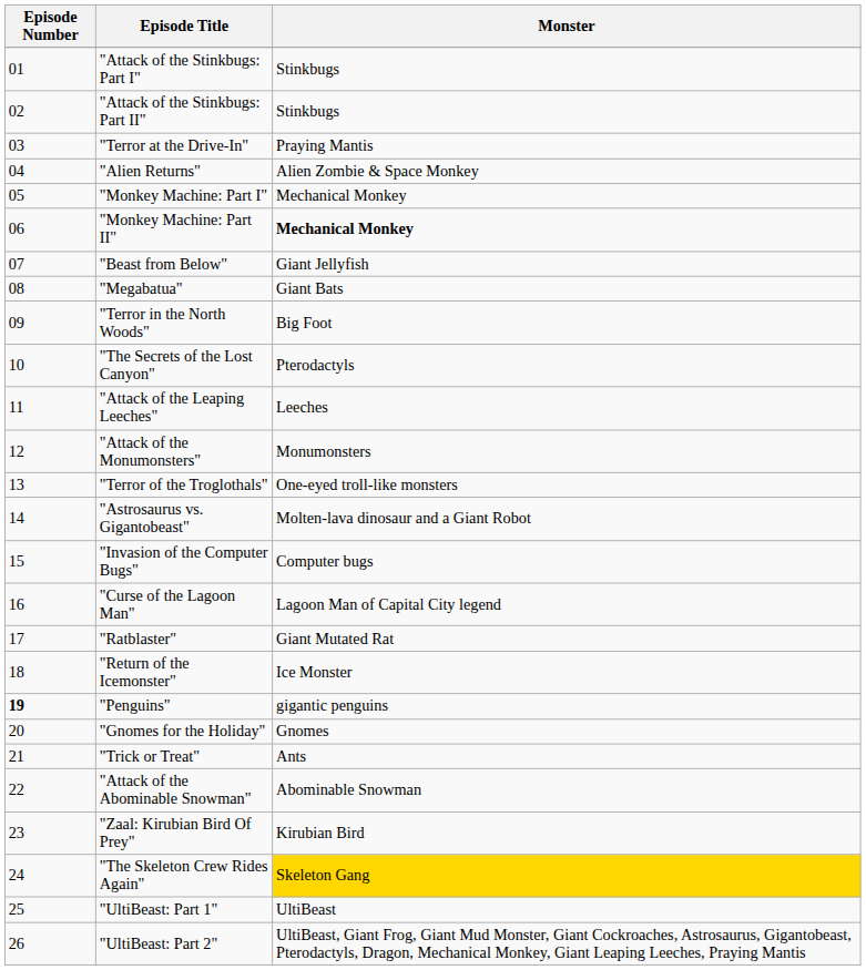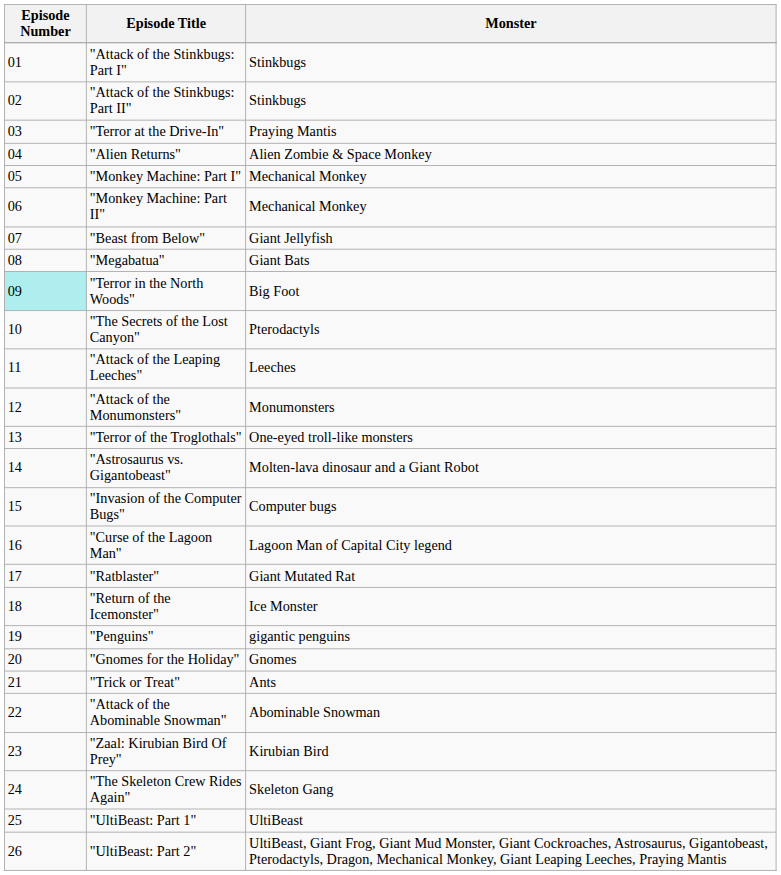 <table class="wikitable">
 <tr>
 <th>Episode Number</th>
 <th>Episode Title</th>
 <th>Monster</th>
 </tr>
 <tr>
 </tr>
 <tr>
 <td>01</td>
 <td>"Attack of the Stinkbugs: Part I"</td>
 <td>Stinkbugs</td>
 </tr>
 <tr>
 <td>02</td>
 <td>"Attack of the Stinkbugs: Part II"</td>
 <td>Stinkbugs</td>
 </tr>
 <tr>
 <td>03</td>
 <td>"Terror at the Drive-In"</td>
 <td>Praying Mantis</td>
 </tr>
 <tr>
 <td>04</td>
 <td>"Alien Returns"</td>
 <td>Alien Zombie & Space Monkey</td>
 </tr>
 <tr>
 <td>05</td>
 <td>"Monkey Machine: Part I"</td>
 <td>Mechanical Monkey</td>
 </tr>
 <tr>
 <td>06</td>
 <td>"Monkey Machine: Part II"</td>
-<td><strong>Mechanical Monkey</strong></td>
+<td>Mechanical Monkey</td>
 </tr>
 <tr>
 <td>07</td>
 <td>"Beast from Below"</td>
 <td>Giant Jellyfish</td>
 </tr>
 <tr>
 <td>08</td>
 <td>"Megabatua"</td>
 <td>Giant Bats</td>
 </tr>
 <tr>
-<td>09</td>
+<td style="background: paleturquoise;">09</td>
 <td>"Terror in the North Woods"</td>
 <td>Big Foot</td>
 </tr>
 <tr>
 <td>10</td>
 <td>"The Secrets of the Lost Canyon"</td>
 <td>Pterodactyls</td>
 </tr>
 <tr>
 <td>11</td>
 <td>"Attack of the Leaping Leeches"</td>
 <td>Leeches</td>
 </tr>
 <tr>
 <td>12</td>
 <td>"Attack of the Monumonsters"</td>
 <td>Monumonsters</td>
 </tr>
 <tr>
 <td>13</td>
 <td>"Terror of the Troglothals"</td>
 <td>One-eyed troll-like monsters</td>
 </tr>
 <tr>
 <td>14</td>
 <td>"Astrosaurus vs. Gigantobeast"</td>
 <td>Molten-lava dinosaur and a Giant Robot</td>
 </tr>
 <tr>
 <td>15</td>
 <td>"Invasion of the Computer Bugs"</td>
 <td>Computer bugs</td>
 </tr>
 <tr>
 <td>16</td>
 <td>"Curse of the Lagoon Man"</td>
 <td>Lagoon Man of Capital City legend</td>
 </tr>
 <tr>
 <td>17</td>
 <td>"Ratblaster"</td>
 <td>Giant Mutated Rat</td>
 </tr>
 <tr>
 <td>18</td>
 <td>"Return of the Icemonster"</td>
 <td>Ice Monster</td>
 </tr>
 <tr>
-<td><strong>19</strong></td>
+<td>19</td>
 <td>"Penguins"</td>
 <td>gigantic penguins</td>
 </tr>
 <tr>
 <td>20</td>
 <td>"Gnomes for the Holiday"</td>
 <td>Gnomes</td>
 </tr>
 <tr>
 <td>21</td>
 <td>"Trick or Treat"</td>
 <td>Ants</td>
 </tr>
 <tr>
 <td>22</td>
 <td>"Attack of the Abominable Snowman"</td>
 <td>Abominable Snowman</td>
 </tr>
 <tr>
 <td>23</td>
 <td>"Zaal: Kirubian Bird Of Prey"</td>
 <td>Kirubian Bird</td>
 </tr>
 <tr>
 <td>24</td>
 <td>"The Skeleton Crew Rides Again"</td>
-<td style="background: gold;">Skeleton Gang</td>
+<td>Skeleton Gang</td>
 </tr>
 <tr>
 <td>25</td>
 <td>"UltiBeast: Part 1"</td>
 <td>UltiBeast</td>
 </tr>
 <tr>
 <td>26</td>
 <td>"UltiBeast: Part 2"</td>
 <td>UltiBeast, Giant Frog, Giant Mud Monster, Giant Cockroaches, Astrosaurus, Gigantobeast, Pterodactyls, Dragon, Mechanical Monkey, Giant Leaping Leeches, Praying Mantis</td>
 </tr>
 </table>
